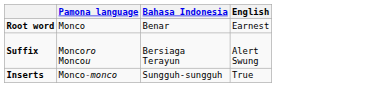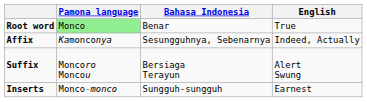 <table class="wikitable">
 <tr>
 <th></th>
 <th><a href='#'>Pamona language</a></th>
 <th><a href='#'>Bahasa Indonesia</a></th>
 <th>English</th>
 </tr>
 <tr>
 <td><strong>Root word</strong></td>
-<td>Monco</td>
+<td style="background: lightgreen;">Monco</td>
 <td>Benar</td>
-<td>Earnest</td>
+<td>True</td>
+</tr>
+<tr>
+<td><strong>Affix</strong></td>
+<td><em>Ka</em>monco<em>nya</em></td>
+<td>Sesungguhnya, Sebenarnya</td>
+<td>Indeed, Actually</td>
 </tr>
 <tr>
 <td><strong>Suffix</strong></td>
 <td><br>Monco<em>ro</em><br> Monco<em>u</em></td>
 <td><br>Bersiaga<br> Terayun</td>
 <td><br>Alert<br> Swung</td>
 </tr>
 <tr>
 <td><strong>Inserts</strong></td>
 <td>Monco<em>-monco</em></td>
 <td>Sungguh-sungguh</td>
-<td>True</td>
+<td>Earnest</td>
 </tr>
 </table>
